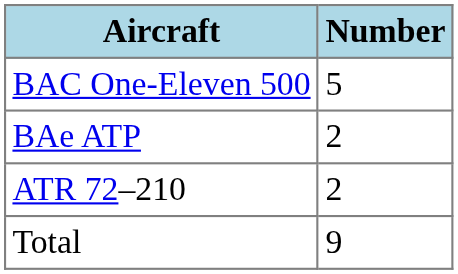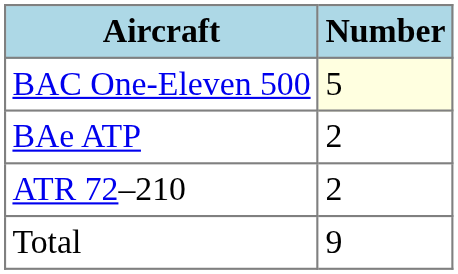 <table class="toccolours" border="1" cellpadding="3" style="border-collapse:collapse">
 <tr bgcolor=lightblue>
 <th>Aircraft</th>
 <th>Number</th>
 </tr>
 <tr>
 <td><a href='#'>BAC One-Eleven 500</a></td>
-<td>5</td>
+<td style="background: lightyellow;">5</td>
 </tr>
 <tr>
 <td><a href='#'>BAe ATP</a></td>
 <td>2</td>
 </tr>
 <tr>
 <td><a href='#'>ATR 72</a>–210</td>
 <td>2</td>
 </tr>
 <tr>
 <td>Total</td>
 <td>9</td>
 </tr>
 </table>
